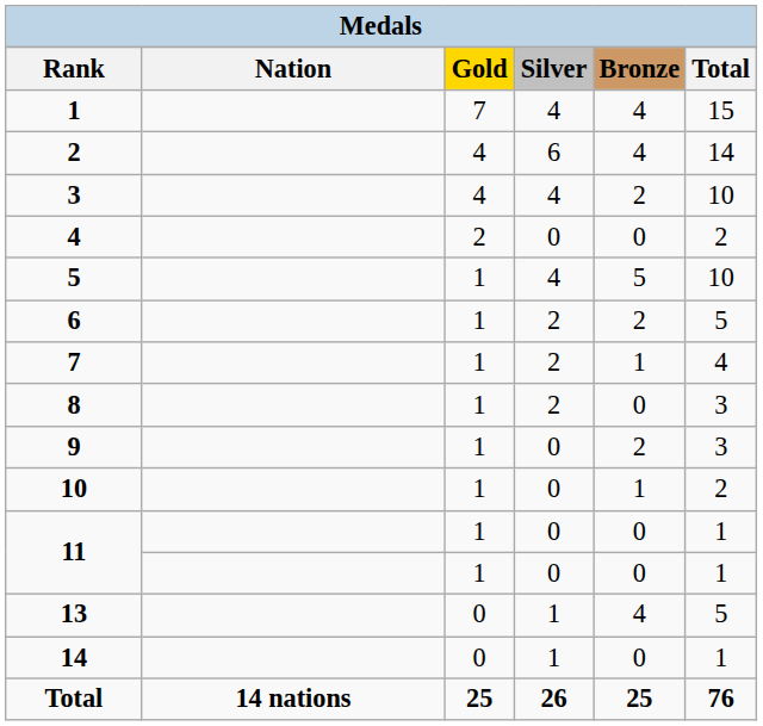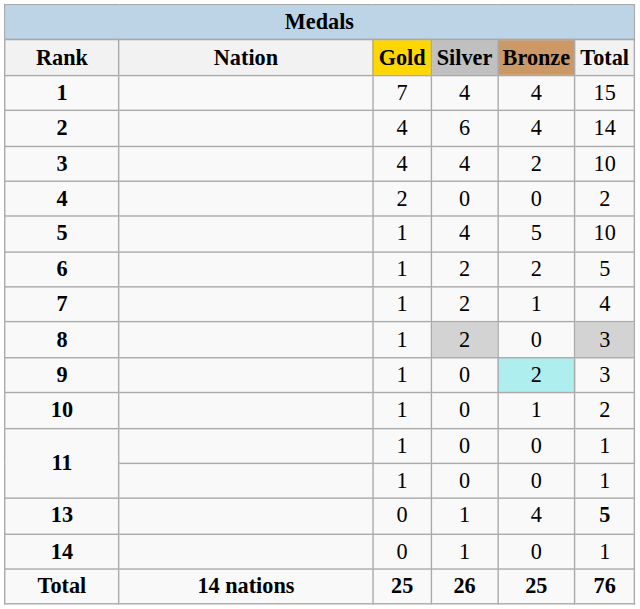 <table class="wikitable" style="text-align:center">
 <tr>
 <td colspan="6" style="background:#BCD4E6"><strong>Medals</strong></td>
 </tr>
 <tr>
 </tr>
 <tr style="background-color:#EDEDED;">
 <th width="75px" class="hintergrundfarbe5">Rank</th>
 <th width="175px" class="hintergrundfarbe6">Nation</th>
 <th style="background:    gold; width:35px ">Gold</th>
 <th style="background:  silver; width:35px ">Silver</th>
 <th style="background: #CC9966; width:35px ">Bronze</th>
 <th width="35px">Total</th>
 </tr>
 <tr>
 <td><strong>1</strong></td>
 <td align=left></td>
 <td>7</td>
 <td>4</td>
 <td>4</td>
 <td>15</td>
 </tr>
 <tr>
 <td><strong>2</strong></td>
 <td align=left></td>
 <td>4</td>
 <td>6</td>
 <td>4</td>
 <td>14</td>
 </tr>
 <tr>
 <td><strong>3</strong></td>
 <td align=left><em></em></td>
 <td>4</td>
 <td>4</td>
 <td>2</td>
 <td>10</td>
 </tr>
 <tr>
 <td><strong>4</strong></td>
 <td align=left><em></em></td>
 <td>2</td>
 <td>0</td>
 <td>0</td>
 <td>2</td>
 </tr>
 <tr>
 <td><strong>5</strong></td>
 <td align=left></td>
 <td>1</td>
 <td>4</td>
 <td>5</td>
 <td>10</td>
 </tr>
 <tr>
 <td><strong>6</strong></td>
 <td align=left></td>
 <td>1</td>
 <td>2</td>
 <td>2</td>
 <td>5</td>
 </tr>
 <tr>
 <td><strong>7</strong></td>
 <td align="left"></td>
 <td>1</td>
 <td>2</td>
 <td>1</td>
 <td>4</td>
 </tr>
 <tr>
 <td><strong>8</strong></td>
 <td align="left"></td>
 <td>1</td>
-<td>2</td>
+<td style="background: lightgrey;">2</td>
 <td>0</td>
-<td>3</td>
+<td style="background: lightgrey;">3</td>
 </tr>
 <tr>
 <td><strong>9</strong></td>
 <td align=left></td>
 <td>1</td>
 <td>0</td>
-<td>2</td>
+<td style="background: paleturquoise;">2</td>
 <td>3</td>
 </tr>
 <tr>
 <td><strong>10</strong></td>
 <td align="left"></td>
 <td>1</td>
 <td>0</td>
 <td>1</td>
 <td>2</td>
 </tr>
 <tr>
 <td rowspan="2"><strong>11</strong></td>
 <td align="left"><em></em></td>
 <td>1</td>
 <td>0</td>
 <td>0</td>
 <td>1</td>
 </tr>
 <tr>
 <td align=left></td>
 <td>1</td>
 <td>0</td>
 <td>0</td>
 <td>1</td>
 </tr>
 <tr>
 <td><strong>13</strong></td>
 <td align=left></td>
 <td>0</td>
 <td>1</td>
 <td>4</td>
-<td>5</td>
+<td><strong>5</strong></td>
 </tr>
 <tr>
 <td><strong>14</strong></td>
 <td align=left></td>
 <td>0</td>
 <td>1</td>
 <td>0</td>
 <td>1</td>
 </tr>
 <tr>
 <td><strong>Total</strong></td>
 <td><strong>14 nations</strong></td>
 <td><strong>25</strong></td>
 <td><strong>26</strong></td>
 <td><strong>25</strong></td>
 <td><strong>76</strong></td>
 </tr>
 </table>
